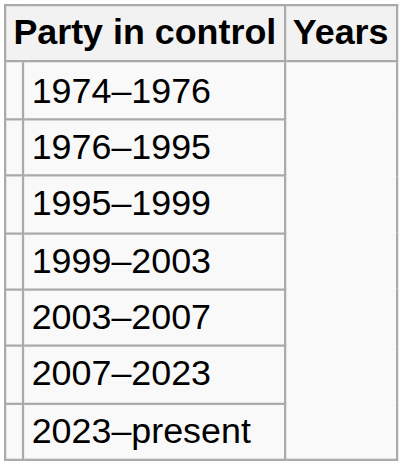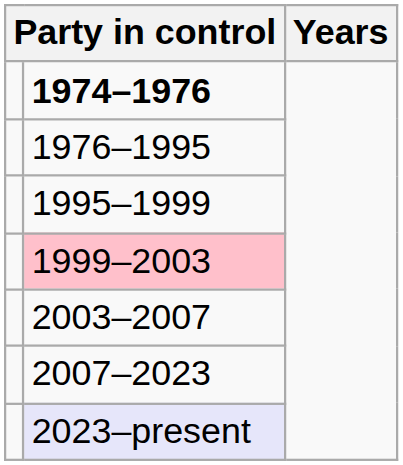 <table class="wikitable">
 <tr>
 <th colspan=2>Party in control</th>
 <th>Years</th>
 </tr>
 <tr>
 <td></td>
-<td>1974–1976</td>
+<td><strong>1974–1976</strong></td>
 </tr>
 <tr>
 <td></td>
 <td>1976–1995</td>
 </tr>
 <tr>
 <td></td>
 <td>1995–1999</td>
 </tr>
 <tr>
 <td></td>
-<td>1999–2003</td>
+<td style="background: pink;">1999–2003</td>
 </tr>
 <tr>
 <td></td>
 <td>2003–2007</td>
 </tr>
 <tr>
 <td></td>
 <td>2007–2023</td>
 </tr>
 <tr>
 <td></td>
-<td>2023–present</td>
+<td style="background: lavender;">2023–present</td>
 </tr>
 </table>
